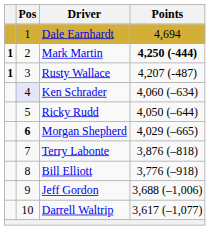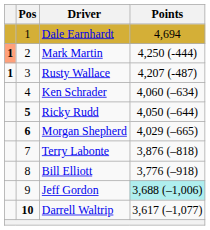 <table class="wikitable" style="font-size: 95%;">
 <tr>
 <th></th>
 <th>Pos</th>
 <th>Driver</th>
 <th>Points</th>
 </tr>
 <tr style="background:#D4AF37;">
 <td align="left"></td>
 <td style="text-align:center;">1</td>
 <td><a href='#'>Dale Earnhardt</a></td>
 <td style="text-align:center;">4,694</td>
 </tr>
 <tr>
-<td align="left"> <strong>1</strong></td>
+<td align="left" style="background: lightsalmon;"> <strong>1</strong></td>
 <td style="text-align:center;">2</td>
 <td><a href='#'>Mark Martin</a></td>
-<td style="text-align:center;"><strong>4,250 (-444)</strong></td>
+<td style="text-align:center;">4,250 (-444)</td>
 </tr>
 <tr>
 <td align="left"> <strong>1</strong></td>
 <td style="text-align:center;">3</td>
 <td><a href='#'>Rusty Wallace</a></td>
 <td style="text-align:center;">4,207 (-487)</td>
 </tr>
 <tr>
 <td align="left"></td>
-<td style="background: lavender; text-align:center;">4</td>
+<td style="text-align:center;">4</td>
 <td><a href='#'>Ken Schrader</a></td>
 <td style="text-align:center;">4,060 (–634)</td>
 </tr>
 <tr>
 <td align="left"></td>
-<td style="text-align:center;">5</td>
+<td style="text-align:center;"><strong>5</strong></td>
 <td><a href='#'>Ricky Rudd</a></td>
 <td style="text-align:center;">4,050 (–644)</td>
 </tr>
 <tr>
 <td align="left"></td>
 <td style="text-align:center;"><strong>6</strong></td>
 <td><a href='#'>Morgan Shepherd</a></td>
 <td style="text-align:center;">4,029 (–665)</td>
 </tr>
 <tr>
 <td align="left"></td>
 <td style="text-align:center;">7</td>
 <td><a href='#'>Terry Labonte</a></td>
 <td style="text-align:center;">3,876 (–818)</td>
 </tr>
 <tr>
 <td align="left"></td>
 <td style="text-align:center;">8</td>
 <td><a href='#'>Bill Elliott</a></td>
 <td style="text-align:center;">3,776 (–918)</td>
 </tr>
 <tr>
 <td align="left"></td>
 <td style="text-align:center;">9</td>
 <td><a href='#'>Jeff Gordon</a></td>
-<td style="text-align:center;">3,688 (–1,006)</td>
+<td style="background: paleturquoise; text-align:center;">3,688 (–1,006)</td>
 </tr>
 <tr>
 <td align="left"></td>
-<td style="text-align:center;">10</td>
+<td style="text-align:center;"><strong>10</strong></td>
 <td><a href='#'>Darrell Waltrip</a></td>
 <td style="text-align:center;">3,617 (–1,077)</td>
 </tr>
 <tr class="sortbottom">
 <th colspan="9"></th>
 </tr>
 </table>
